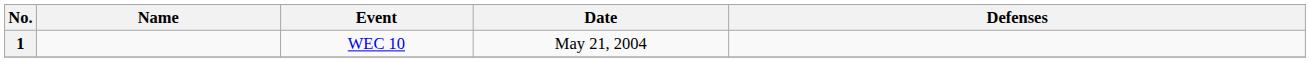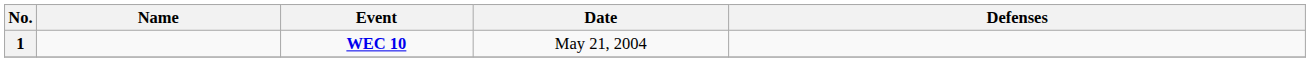 <table class="wikitable" width=100%>
 <tr>
 <th width=1%>No.</th>
 <th width=19%>Name</th>
 <th width=15%>Event</th>
 <th width=20%>Date</th>
 <th width=45%>Defenses</th>
 </tr>
 <tr>
 <th>1</th>
 <td align=left><br></td>
-<td align=center><a href='#'>WEC 10</a> <br></td>
+<td align=center><strong><a href='#'>WEC 10</a> <br></strong></td>
 <td align=center>May 21, 2004</td>
 <td></td>
 </tr>
 <tr>
 </tr>
 </table>
